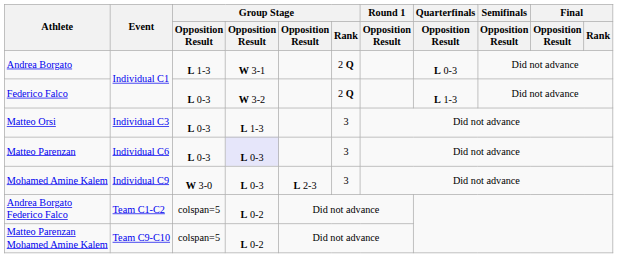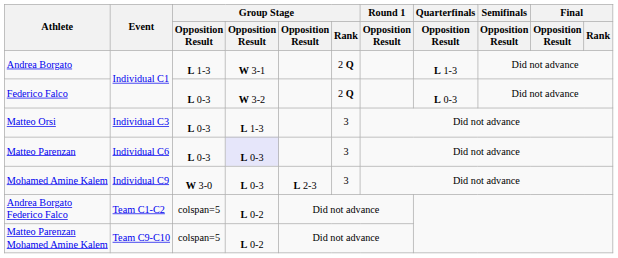 <table class=wikitable style="font-size:90%">
 <tr>
 <th rowspan="2">Athlete</th>
 <th rowspan="2">Event</th>
 <th colspan="4">Group Stage</th>
 <th>Round 1</th>
 <th>Quarterfinals</th>
 <th>Semifinals</th>
 <th colspan="2">Final</th>
 </tr>
 <tr>
 <th>Opposition<br>Result</th>
 <th>Opposition<br>Result</th>
 <th>Opposition<br>Result</th>
 <th>Rank</th>
 <th>Opposition<br>Result</th>
 <th>Opposition<br>Result</th>
 <th>Opposition<br>Result</th>
 <th>Opposition<br>Result</th>
 <th>Rank</th>
 </tr>
 <tr align=center>
 <td align=left><a href='#'>Andrea Borgato</a></td>
 <td rowspan="2" align="left"><a href='#'>Individual C1</a></td>
 <td><br><strong>L</strong> 1-3</td>
 <td><br><strong>W</strong> 3-1</td>
 <td></td>
 <td>2 <strong>Q</strong></td>
 <td></td>
-<td><br><strong>L</strong> 0-3</td>
+<td><br><strong>L</strong> 1-3</td>
 <td colspan=3>Did not advance</td>
 </tr>
 <tr align=center>
 <td align=left><a href='#'>Federico Falco</a></td>
 <td><br><strong>L</strong> 0-3</td>
 <td><br><strong>W</strong> 3-2</td>
 <td></td>
 <td>2 <strong>Q</strong></td>
 <td></td>
-<td><br><strong>L</strong> 1-3</td>
+<td><br><strong>L</strong> 0-3</td>
 <td colspan=3>Did not advance</td>
 </tr>
 <tr align=center>
 <td align=left><a href='#'>Matteo Orsi</a></td>
 <td align=left><a href='#'>Individual C3</a></td>
 <td><br><strong>L</strong> 0-3</td>
 <td><br><strong>L</strong> 1-3</td>
 <td></td>
 <td>3</td>
 <td colspan=5>Did not advance</td>
 </tr>
 <tr align=center>
 <td align=left><a href='#'>Matteo Parenzan</a></td>
 <td align=left><a href='#'>Individual C6</a></td>
 <td><br><strong>L</strong> 0-3</td>
 <td style="background: lavender;"><br><strong>L</strong> 0-3</td>
 <td></td>
 <td>3</td>
 <td colspan=5>Did not advance</td>
 </tr>
 <tr align=center>
 <td align=left><a href='#'>Mohamed Amine Kalem</a></td>
 <td align=left><a href='#'>Individual C9</a></td>
 <td><br><strong>W</strong> 3-0</td>
 <td><br><strong>L</strong> 0-3</td>
 <td><br><strong>L</strong> 2-3</td>
 <td>3</td>
 <td colspan=5>Did not advance</td>
 </tr>
 <tr align=center>
 <td align=left><a href='#'>Andrea Borgato</a><br><a href='#'>Federico Falco</a></td>
 <td align=left><a href='#'>Team C1-C2</a></td>
 <td>colspan=5 </td>
 <td><br><strong>L</strong> 0-2</td>
 <td colspan=3>Did not advance</td>
 </tr>
 <tr align=center>
 <td align=left><a href='#'>Matteo Parenzan</a><br><a href='#'>Mohamed Amine Kalem</a></td>
 <td align=left><a href='#'>Team C9-C10</a></td>
 <td>colspan=5 </td>
 <td><br><strong>L</strong> 0-2</td>
 <td colspan=3>Did not advance</td>
 </tr>
 </table>
